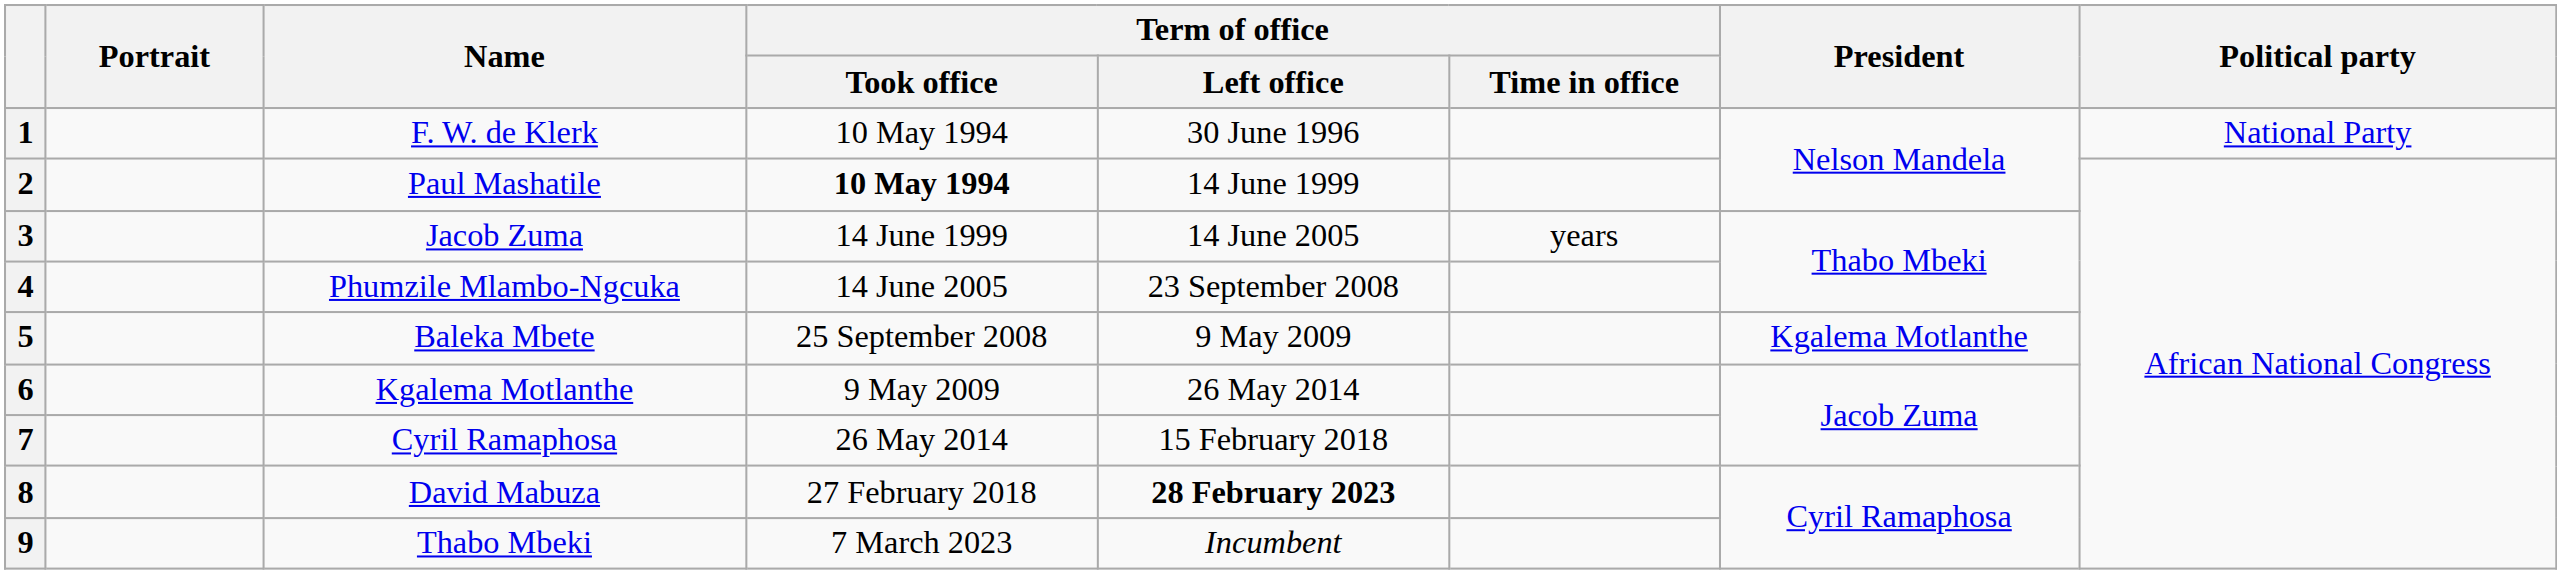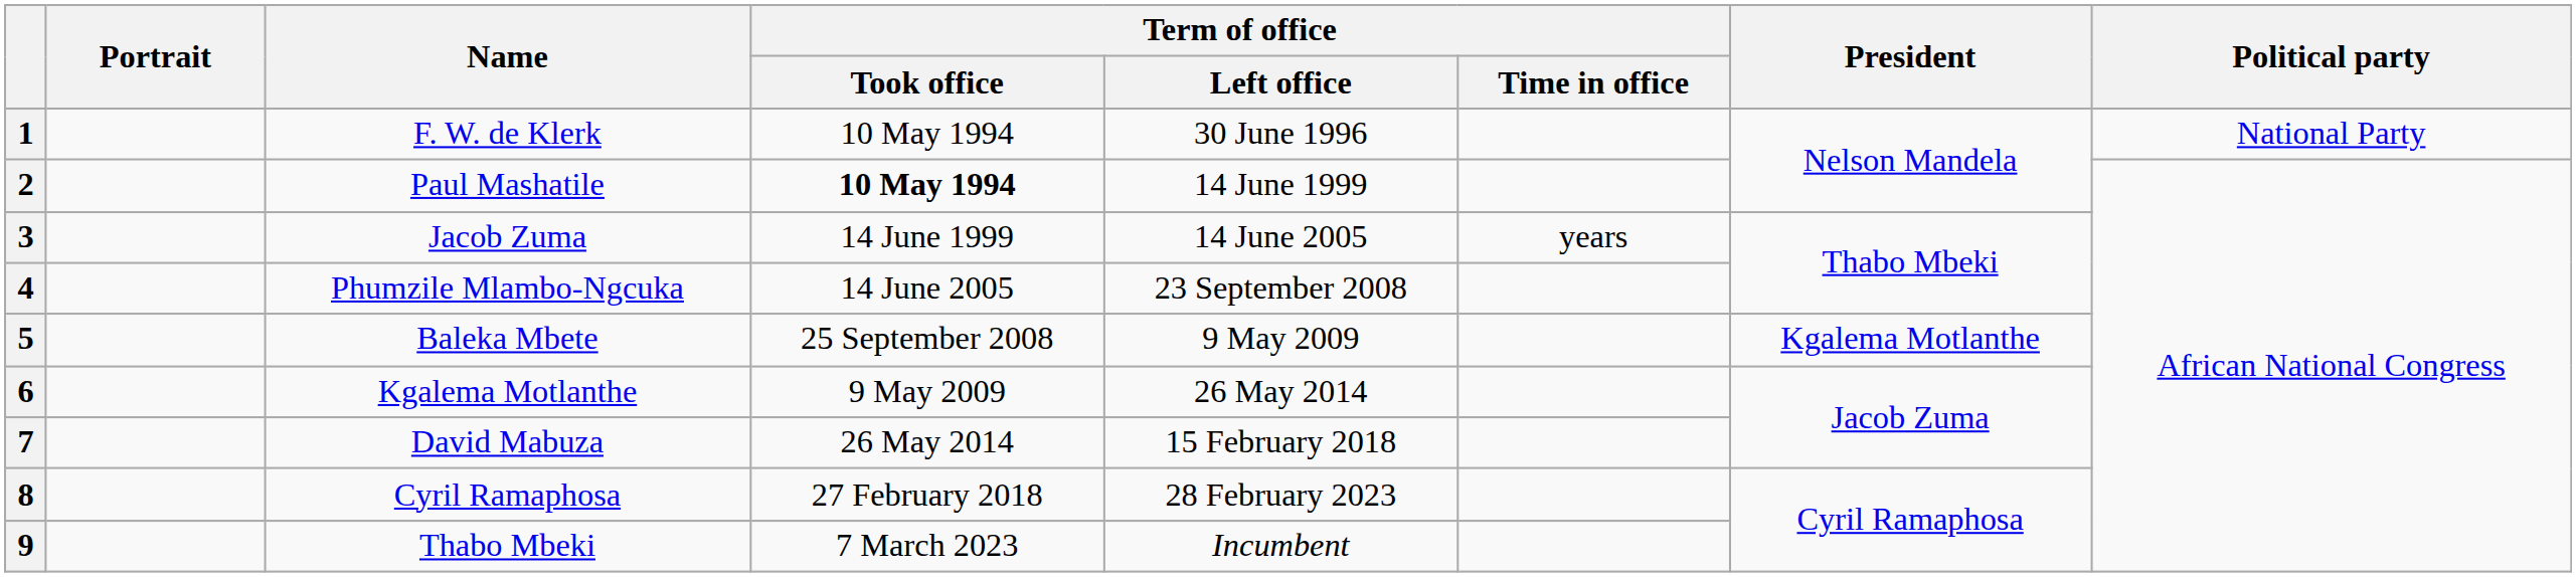 <table class="wikitable plainrowheaders" width="100%" style="text-align:center;">
 <tr>
 <th rowspan="2"></th>
 <th rowspan="2" width=100px>Portrait</th>
 <th rowspan="2">Name<br></th>
 <th colspan="3">Term of office</th>
 <th rowspan="2">President</th>
 <th rowspan="2">Political party</th>
 </tr>
 <tr>
 <th>Took office</th>
 <th>Left office</th>
 <th>Time in office</th>
 </tr>
 <tr>
 <th style="background:">1</th>
 <td></td>
 <td><a href='#'>F. W. de Klerk</a><br></td>
 <td>10 May 1994</td>
 <td>30 June 1996<br></td>
 <td></td>
 <td rowspan="2"><a href='#'>Nelson Mandela</a></td>
 <td><a href='#'>National Party</a></td>
 </tr>
 <tr>
 <th style="background:">2</th>
 <td></td>
 <td><a href='#'>Paul Mashatile</a><br></td>
 <td><strong>10 May 1994</strong></td>
 <td>14 June 1999<br></td>
 <td></td>
 <td rowspan="8"><a href='#'>African National Congress</a></td>
 </tr>
 <tr>
 <th style="background:">3</th>
 <td></td>
 <td><a href='#'>Jacob Zuma</a><br></td>
 <td>14 June 1999</td>
 <td>14 June 2005<br></td>
 <td> years</td>
 <td rowspan="2"><a href='#'>Thabo Mbeki</a></td>
 </tr>
 <tr>
 <th style="background:">4</th>
 <td></td>
 <td><a href='#'>Phumzile Mlambo-Ngcuka</a><br></td>
 <td>14 June 2005</td>
 <td>23 September 2008<br></td>
 <td></td>
 </tr>
 <tr>
 <th style="background:">5</th>
 <td></td>
 <td><a href='#'>Baleka Mbete</a><br></td>
 <td>25 September 2008</td>
 <td>9 May 2009<br></td>
 <td></td>
 <td><a href='#'>Kgalema Motlanthe</a></td>
 </tr>
 <tr>
 <th style="background:">6</th>
 <td></td>
 <td><a href='#'>Kgalema Motlanthe</a><br></td>
 <td>9 May 2009</td>
 <td>26 May 2014<br></td>
 <td></td>
 <td rowspan="2"><a href='#'>Jacob Zuma</a></td>
 </tr>
 <tr>
 <th style="background:">7</th>
 <td></td>
-<td><a href='#'>Cyril Ramaphosa</a><br></td>
+<td><a href='#'>David Mabuza</a><br></td>
 <td>26 May 2014</td>
 <td>15 February 2018<br></td>
 <td></td>
 </tr>
 <tr>
 <th style="background:">8</th>
 <td></td>
-<td><a href='#'>David Mabuza</a><br></td>
+<td><a href='#'>Cyril Ramaphosa</a><br></td>
 <td>27 February 2018</td>
-<td><strong>28 February 2023<br></strong></td>
+<td>28 February 2023<br></td>
 <td></td>
 <td rowspan="2"><a href='#'>Cyril Ramaphosa</a></td>
 </tr>
 <tr>
 <th style="background:">9</th>
 <td></td>
 <td><a href='#'>Thabo Mbeki</a><br></td>
 <td>7 March 2023</td>
 <td><em>Incumbent</em></td>
 <td></td>
 </tr>
 </table>
